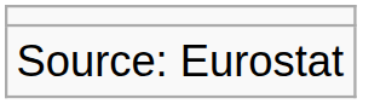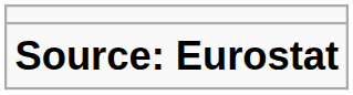 <table class="wikitable">
 <tr>
 <td></td>
 </tr>
 <tr>
-<td>Source: Eurostat</td>
+<td><strong>Source: Eurostat</strong></td>
 </tr>
 </table>
